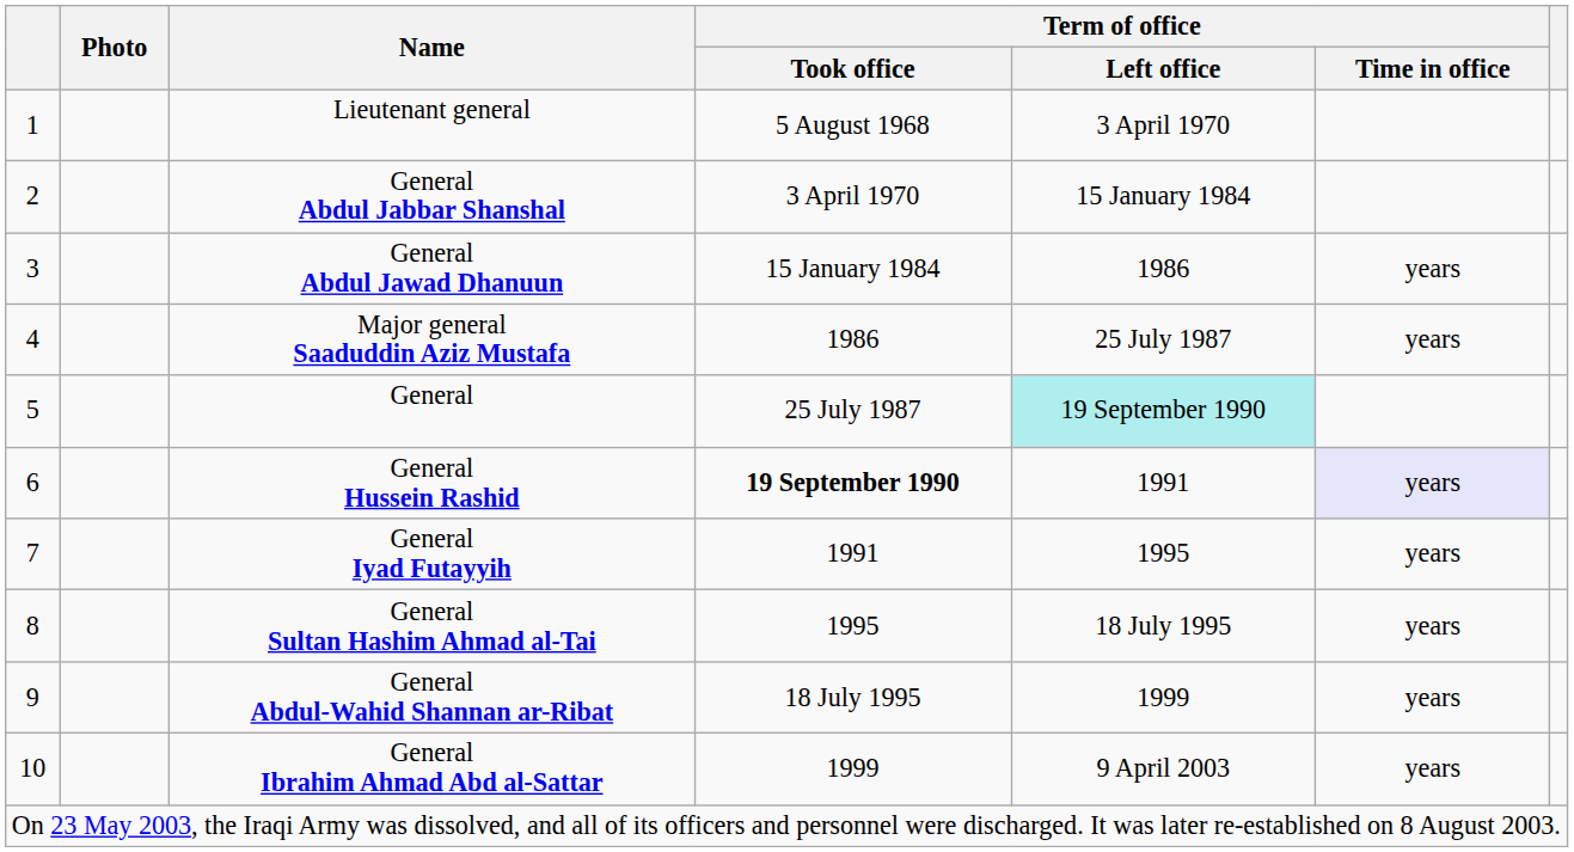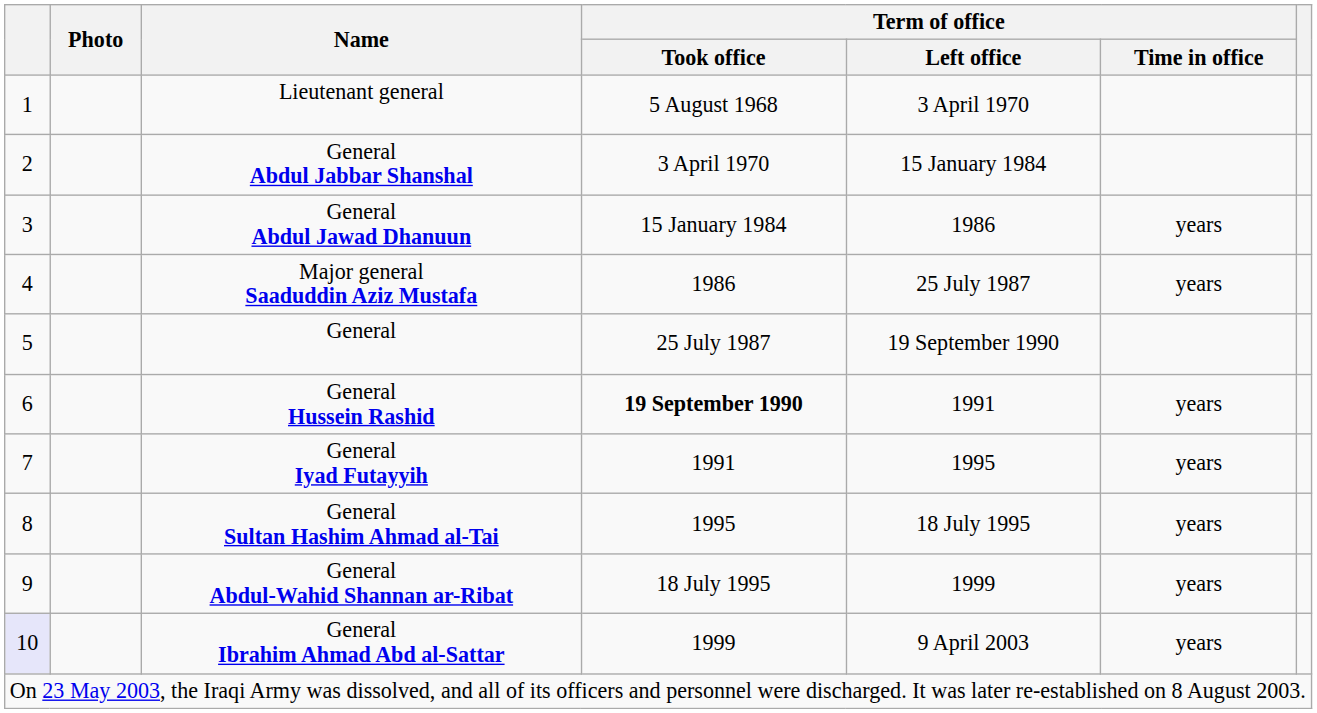 <table class="wikitable" style="text-align:center">
 <tr>
 <th rowspan=2></th>
 <th rowspan=2>Photo</th>
 <th rowspan=2>Name<br></th>
 <th colspan=3>Term of office</th>
 <th rowspan=2></th>
 </tr>
 <tr>
 <th>Took office</th>
 <th>Left office</th>
 <th>Time in office</th>
 </tr>
 <tr>
 <td>1</td>
 <td></td>
 <td>Lieutenant general<br><strong></strong><br></td>
 <td>5 August 1968</td>
 <td>3 April 1970</td>
 <td></td>
 <td></td>
 </tr>
 <tr>
 <td>2</td>
 <td></td>
 <td>General<br><strong><a href='#'>Abdul Jabbar Shanshal</a></strong><br></td>
 <td>3 April 1970</td>
 <td>15 January 1984</td>
 <td></td>
 <td></td>
 </tr>
 <tr>
 <td>3</td>
 <td></td>
 <td>General<br><strong><a href='#'>Abdul Jawad Dhanuun</a></strong><br></td>
 <td>15 January 1984</td>
 <td>1986</td>
 <td> years</td>
 <td></td>
 </tr>
 <tr>
 <td>4</td>
 <td></td>
 <td>Major general<br><strong><a href='#'>Saaduddin Aziz Mustafa</a></strong></td>
 <td>1986</td>
 <td>25 July 1987</td>
 <td> years</td>
 <td></td>
 </tr>
 <tr>
 <td>5</td>
 <td></td>
 <td>General<br><strong></strong><br></td>
 <td>25 July 1987</td>
-<td style="background: paleturquoise;">19 September 1990</td>
+<td>19 September 1990</td>
 <td></td>
 <td></td>
 </tr>
 <tr>
 <td>6</td>
 <td></td>
 <td>General<br><strong><a href='#'>Hussein Rashid</a></strong><br></td>
 <td><strong>19 September 1990</strong></td>
 <td>1991</td>
-<td style="background: lavender;"> years</td>
+<td> years</td>
 <td></td>
 </tr>
 <tr>
 <td>7</td>
 <td></td>
 <td>General<br><strong><a href='#'>Iyad Futayyih</a></strong><br></td>
 <td>1991</td>
 <td>1995</td>
 <td> years</td>
 <td></td>
 </tr>
 <tr>
 <td>8</td>
 <td></td>
 <td>General<br><strong><a href='#'>Sultan Hashim Ahmad al-Tai</a></strong><br></td>
 <td>1995</td>
 <td>18 July 1995</td>
 <td> years</td>
 <td></td>
 </tr>
 <tr>
 <td>9</td>
 <td></td>
 <td>General<br><strong><a href='#'>Abdul-Wahid Shannan ar-Ribat</a></strong><br></td>
 <td>18 July 1995</td>
 <td>1999</td>
 <td> years</td>
 <td></td>
 </tr>
 <tr>
-<td>10</td>
+<td style="background: lavender;">10</td>
 <td></td>
 <td>General<br><strong><a href='#'>Ibrahim Ahmad Abd al-Sattar</a></strong><br></td>
 <td>1999</td>
 <td>9 April 2003</td>
 <td> years</td>
 <td></td>
 </tr>
 <tr>
 <td colspan=7>On <a href='#'>23 May 2003</a>, the Iraqi Army was dissolved, and all of its officers and personnel were discharged. It was later re-established on 8 August 2003.</td>
 </tr>
 </table>
